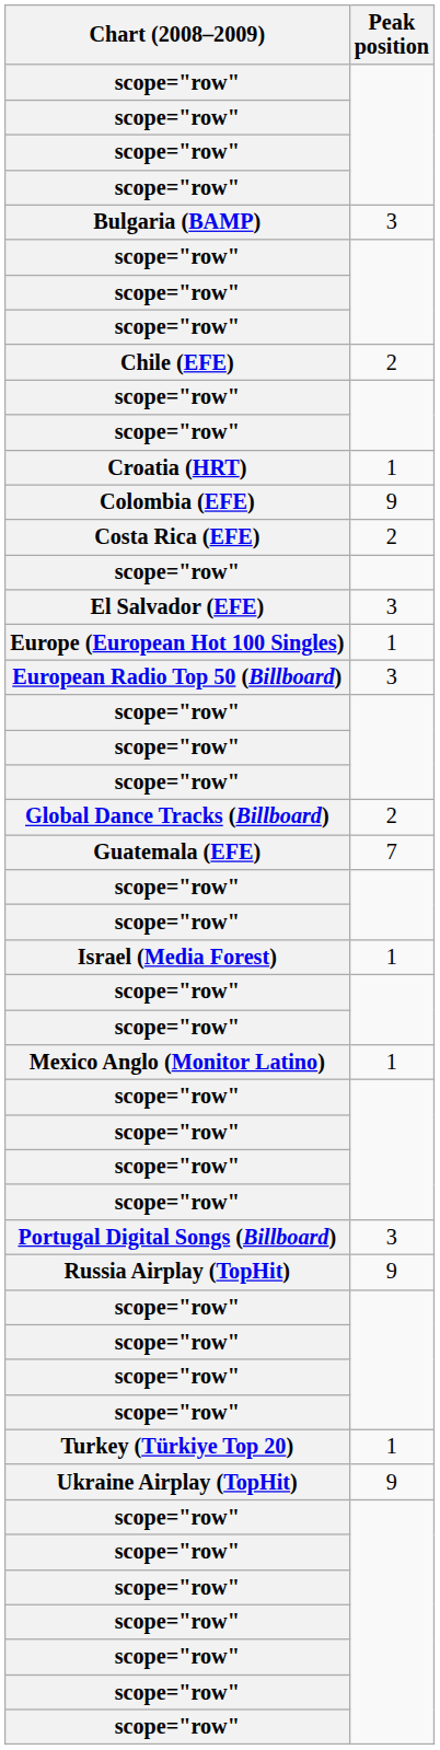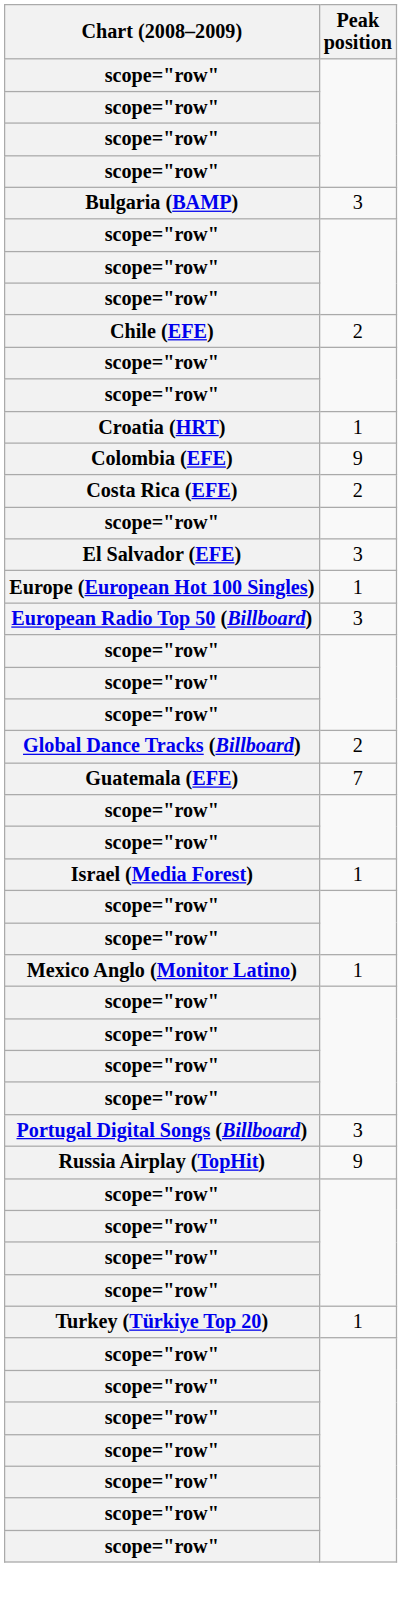 <table class="wikitable sortable plainrowheaders" style="text-align:center">
 <tr>
 <th scope="col">Chart (2008–2009)</th>
 <th scope="col">Peak<br>position</th>
 </tr>
 <tr>
 <th>scope="row" </th>
 </tr>
 <tr>
 <th>scope="row" </th>
 </tr>
 <tr>
 <th>scope="row" </th>
 </tr>
 <tr>
 <th>scope="row" </th>
 </tr>
 <tr>
 <th scope="row">Bulgaria (<a href='#'>BAMP</a>)</th>
 <td>3</td>
 </tr>
 <tr>
 <th>scope="row" </th>
 </tr>
 <tr>
 <th>scope="row"  </th>
 </tr>
 <tr>
 <th>scope="row"  </th>
 </tr>
 <tr>
 <th scope="row">Chile (<a href='#'>EFE</a>)</th>
 <td>2</td>
 </tr>
 <tr>
 <th>scope="row" </th>
 </tr>
 <tr>
 <th>scope="row" </th>
 </tr>
 <tr>
 <th scope="row">Croatia (<a href='#'>HRT</a>)</th>
 <td>1</td>
 </tr>
 <tr>
 <th scope="row">Colombia (<a href='#'>EFE</a>)</th>
 <td>9</td>
 </tr>
 <tr>
 <th scope="row">Costa Rica (<a href='#'>EFE</a>)</th>
 <td>2</td>
 </tr>
 <tr>
 <th>scope="row" </th>
 </tr>
 <tr>
 <th scope="row">El Salvador (<a href='#'>EFE</a>)</th>
 <td>3</td>
 </tr>
 <tr>
 <th scope="row">Europe (<a href='#'>European Hot 100 Singles</a>)</th>
 <td>1</td>
 </tr>
 <tr>
 <th scope="row"><a href='#'>European Radio Top 50</a> (<em><a href='#'>Billboard</a></em>)</th>
 <td>3</td>
 </tr>
 <tr>
 <th>scope="row" </th>
 </tr>
 <tr>
 <th>scope="row" </th>
 </tr>
 <tr>
 <th>scope="row" </th>
 </tr>
 <tr>
 <th scope="row"><a href='#'>Global Dance Tracks</a> (<em><a href='#'>Billboard</a></em>)</th>
 <td>2</td>
 </tr>
 <tr>
 <th scope="row">Guatemala (<a href='#'>EFE</a>)</th>
 <td>7</td>
 </tr>
 <tr>
 <th>scope="row" </th>
 </tr>
 <tr>
 <th>scope="row" </th>
 </tr>
 <tr>
 <th scope="row">Israel (<a href='#'>Media Forest</a>)</th>
 <td>1</td>
 </tr>
 <tr>
 <th>scope="row" </th>
 </tr>
 <tr>
 <th>scope="row" </th>
 </tr>
 <tr>
 <th scope="row">Mexico Anglo (<a href='#'>Monitor Latino</a>)</th>
 <td>1</td>
 </tr>
 <tr>
 <th>scope="row" </th>
 </tr>
 <tr>
 <th>scope="row" </th>
 </tr>
 <tr>
 <th>scope="row" </th>
 </tr>
 <tr>
 <th>scope="row" </th>
 </tr>
 <tr>
 <th scope="row"><a href='#'>Portugal Digital Songs</a> (<em><a href='#'>Billboard</a></em>)</th>
 <td>3</td>
 </tr>
 <tr>
 <th scope="row">Russia Airplay (<a href='#'>TopHit</a>)</th>
 <td>9</td>
 </tr>
 <tr>
 <th>scope="row" </th>
 </tr>
 <tr>
 <th>scope="row" </th>
 </tr>
 <tr>
 <th>scope="row" </th>
 </tr>
 <tr>
 <th>scope="row" </th>
 </tr>
 <tr>
 <th scope="row">Turkey (<a href='#'>Türkiye Top 20</a>)</th>
 <td align="center">1</td>
 </tr>
 <tr>
-<th scope="row">Ukraine Airplay (<a href='#'>TopHit</a>)</th>
-<td>9</td>
-</tr>
-<tr>
 <th>scope="row" </th>
 </tr>
 <tr>
 <th>scope="row" </th>
 </tr>
 <tr>
 <th>scope="row" </th>
 </tr>
 <tr>
 <th>scope="row" </th>
 </tr>
 <tr>
 <th>scope="row" </th>
 </tr>
 <tr>
 <th>scope="row" </th>
 </tr>
 <tr>
 <th>scope="row" </th>
 </tr>
 </table>
